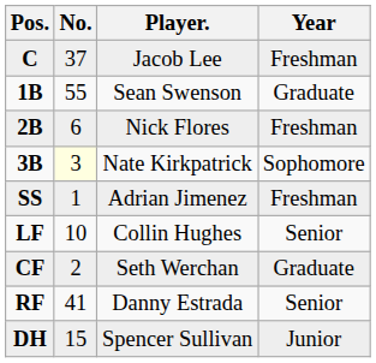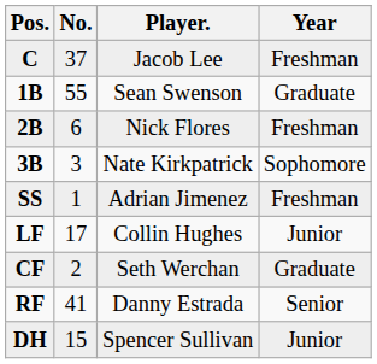 <table class="wikitable non-sortable">
 <tr>
 <th style="text-align:center; ">Pos.</th>
 <th style="text-align:center; ">No.</th>
 <th style="text-align:center; ">Player.</th>
 <th style="text-align:center; ">Year</th>
 </tr>
 <tr style="background:#eeeeee;text-align:center;">
 <td><strong>C</strong></td>
 <td>37</td>
 <td>Jacob Lee</td>
 <td>Freshman</td>
 </tr>
 <tr style="text-align:center;">
 <td><strong>1B</strong></td>
 <td>55</td>
 <td>Sean Swenson</td>
 <td>Graduate</td>
 </tr>
 <tr style="background:#eeeeee;text-align:center;">
 <td><strong>2B</strong></td>
 <td>6</td>
 <td>Nick Flores</td>
 <td>Freshman</td>
 </tr>
 <tr style="text-align:center;">
 <td><strong>3B</strong></td>
-<td style="background: lightyellow;">3</td>
+<td>3</td>
 <td>Nate Kirkpatrick</td>
 <td>Sophomore</td>
 </tr>
 <tr style="background:#eeeeee;text-align:center;">
 <td><strong>SS</strong></td>
 <td>1</td>
 <td>Adrian Jimenez</td>
 <td>Freshman</td>
 </tr>
 <tr style="text-align:center;">
 <td><strong>LF</strong></td>
-<td>10</td>
+<td>17</td>
 <td>Collin Hughes</td>
-<td>Senior</td>
+<td>Junior</td>
 </tr>
 <tr style="background:#eeeeee;text-align:center;">
 <td><strong>CF</strong></td>
 <td>2</td>
 <td>Seth Werchan</td>
 <td>Graduate</td>
 </tr>
 <tr style="text-align:center;">
 <td><strong>RF</strong></td>
 <td>41</td>
 <td>Danny Estrada</td>
 <td>Senior</td>
 </tr>
 <tr style="background:#eeeeee;text-align:center;">
 <td><strong>DH</strong></td>
 <td>15</td>
 <td>Spencer Sullivan</td>
 <td>Junior</td>
 </tr>
 </table>
